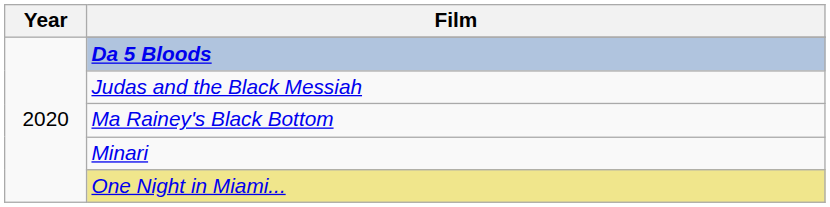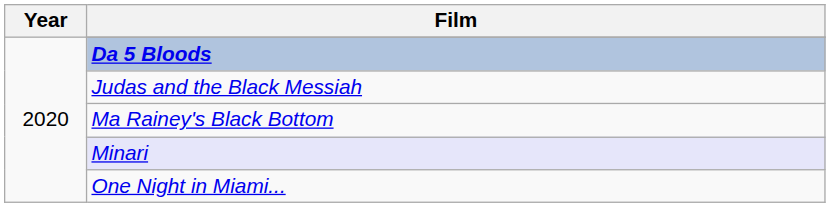 <table class="wikitable" width="50%">
 <tr>
 <th width="10%">Year</th>
 <th width="90%">Film</th>
 </tr>
 <tr>
 <td rowspan="6" align="center">2020</td>
 </tr>
 <tr style="background:#B0C4DE">
 <td><strong><em><a href='#'>Da 5 Bloods</a></em></strong></td>
 </tr>
 <tr>
 <td><em><a href='#'>Judas and the Black Messiah</a></em></td>
 </tr>
 <tr>
 <td><em><a href='#'>Ma Rainey's Black Bottom</a></em></td>
 </tr>
 <tr>
-<td><em><a href='#'>Minari</a></em></td>
+<td style="background: lavender;"><em><a href='#'>Minari</a></em></td>
 </tr>
 <tr>
-<td style="background: khaki;"><em><a href='#'>One Night in Miami...</a></em></td>
+<td><em><a href='#'>One Night in Miami...</a></em></td>
 </tr>
 </table>
